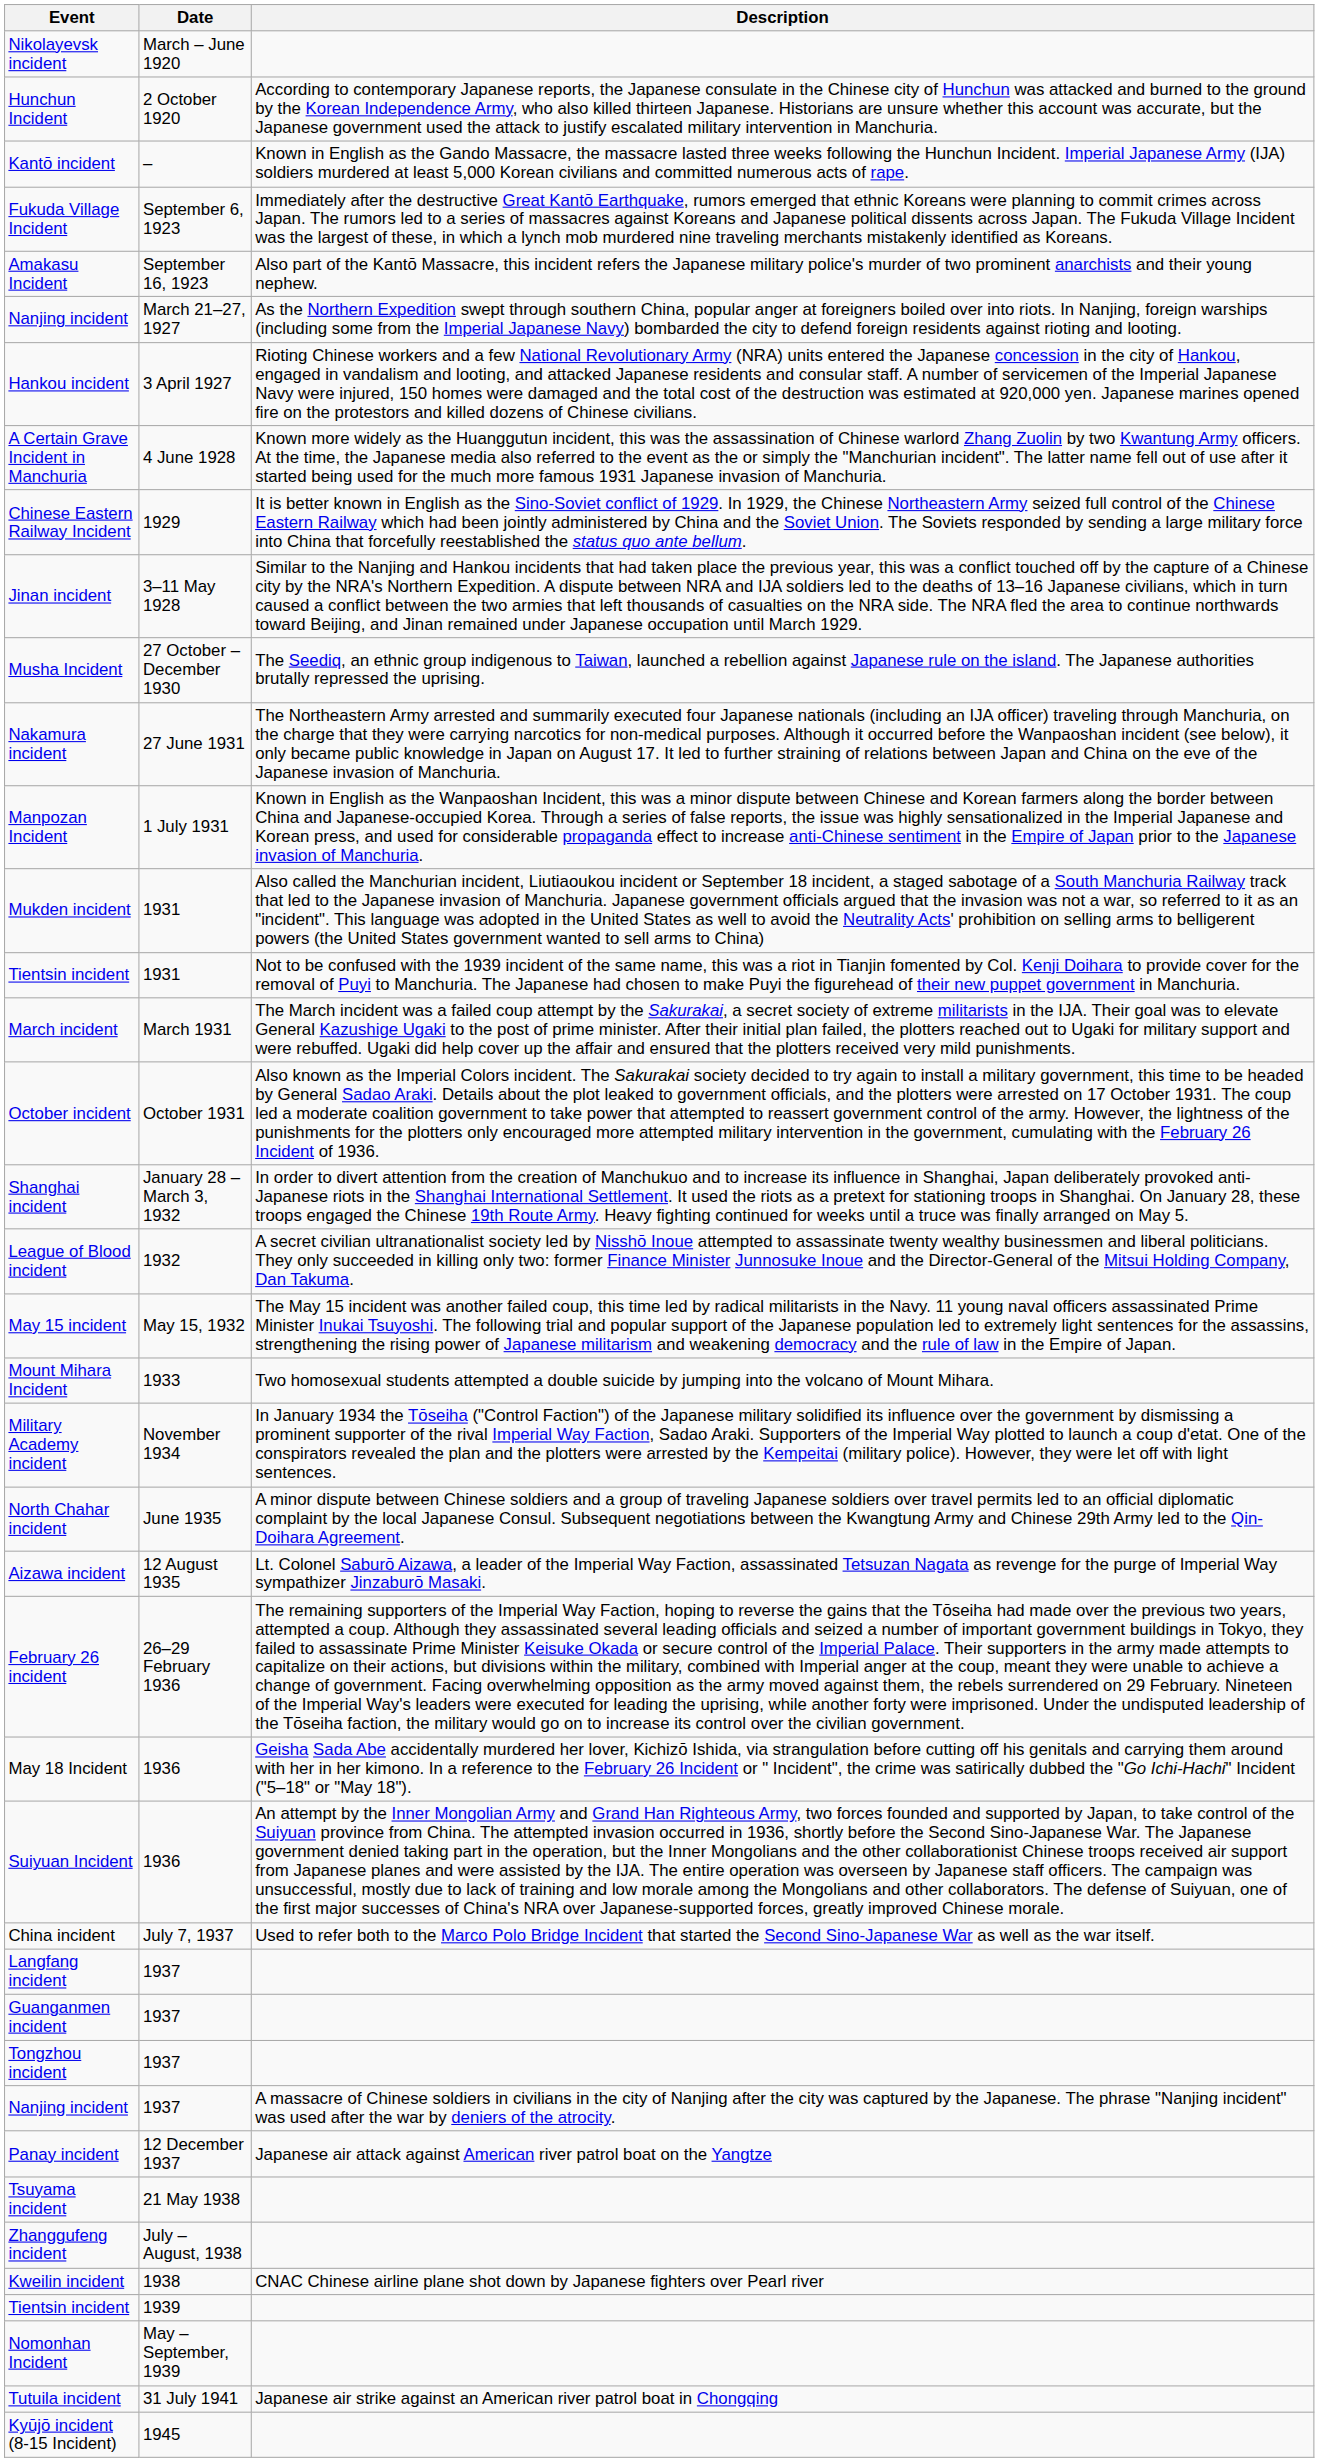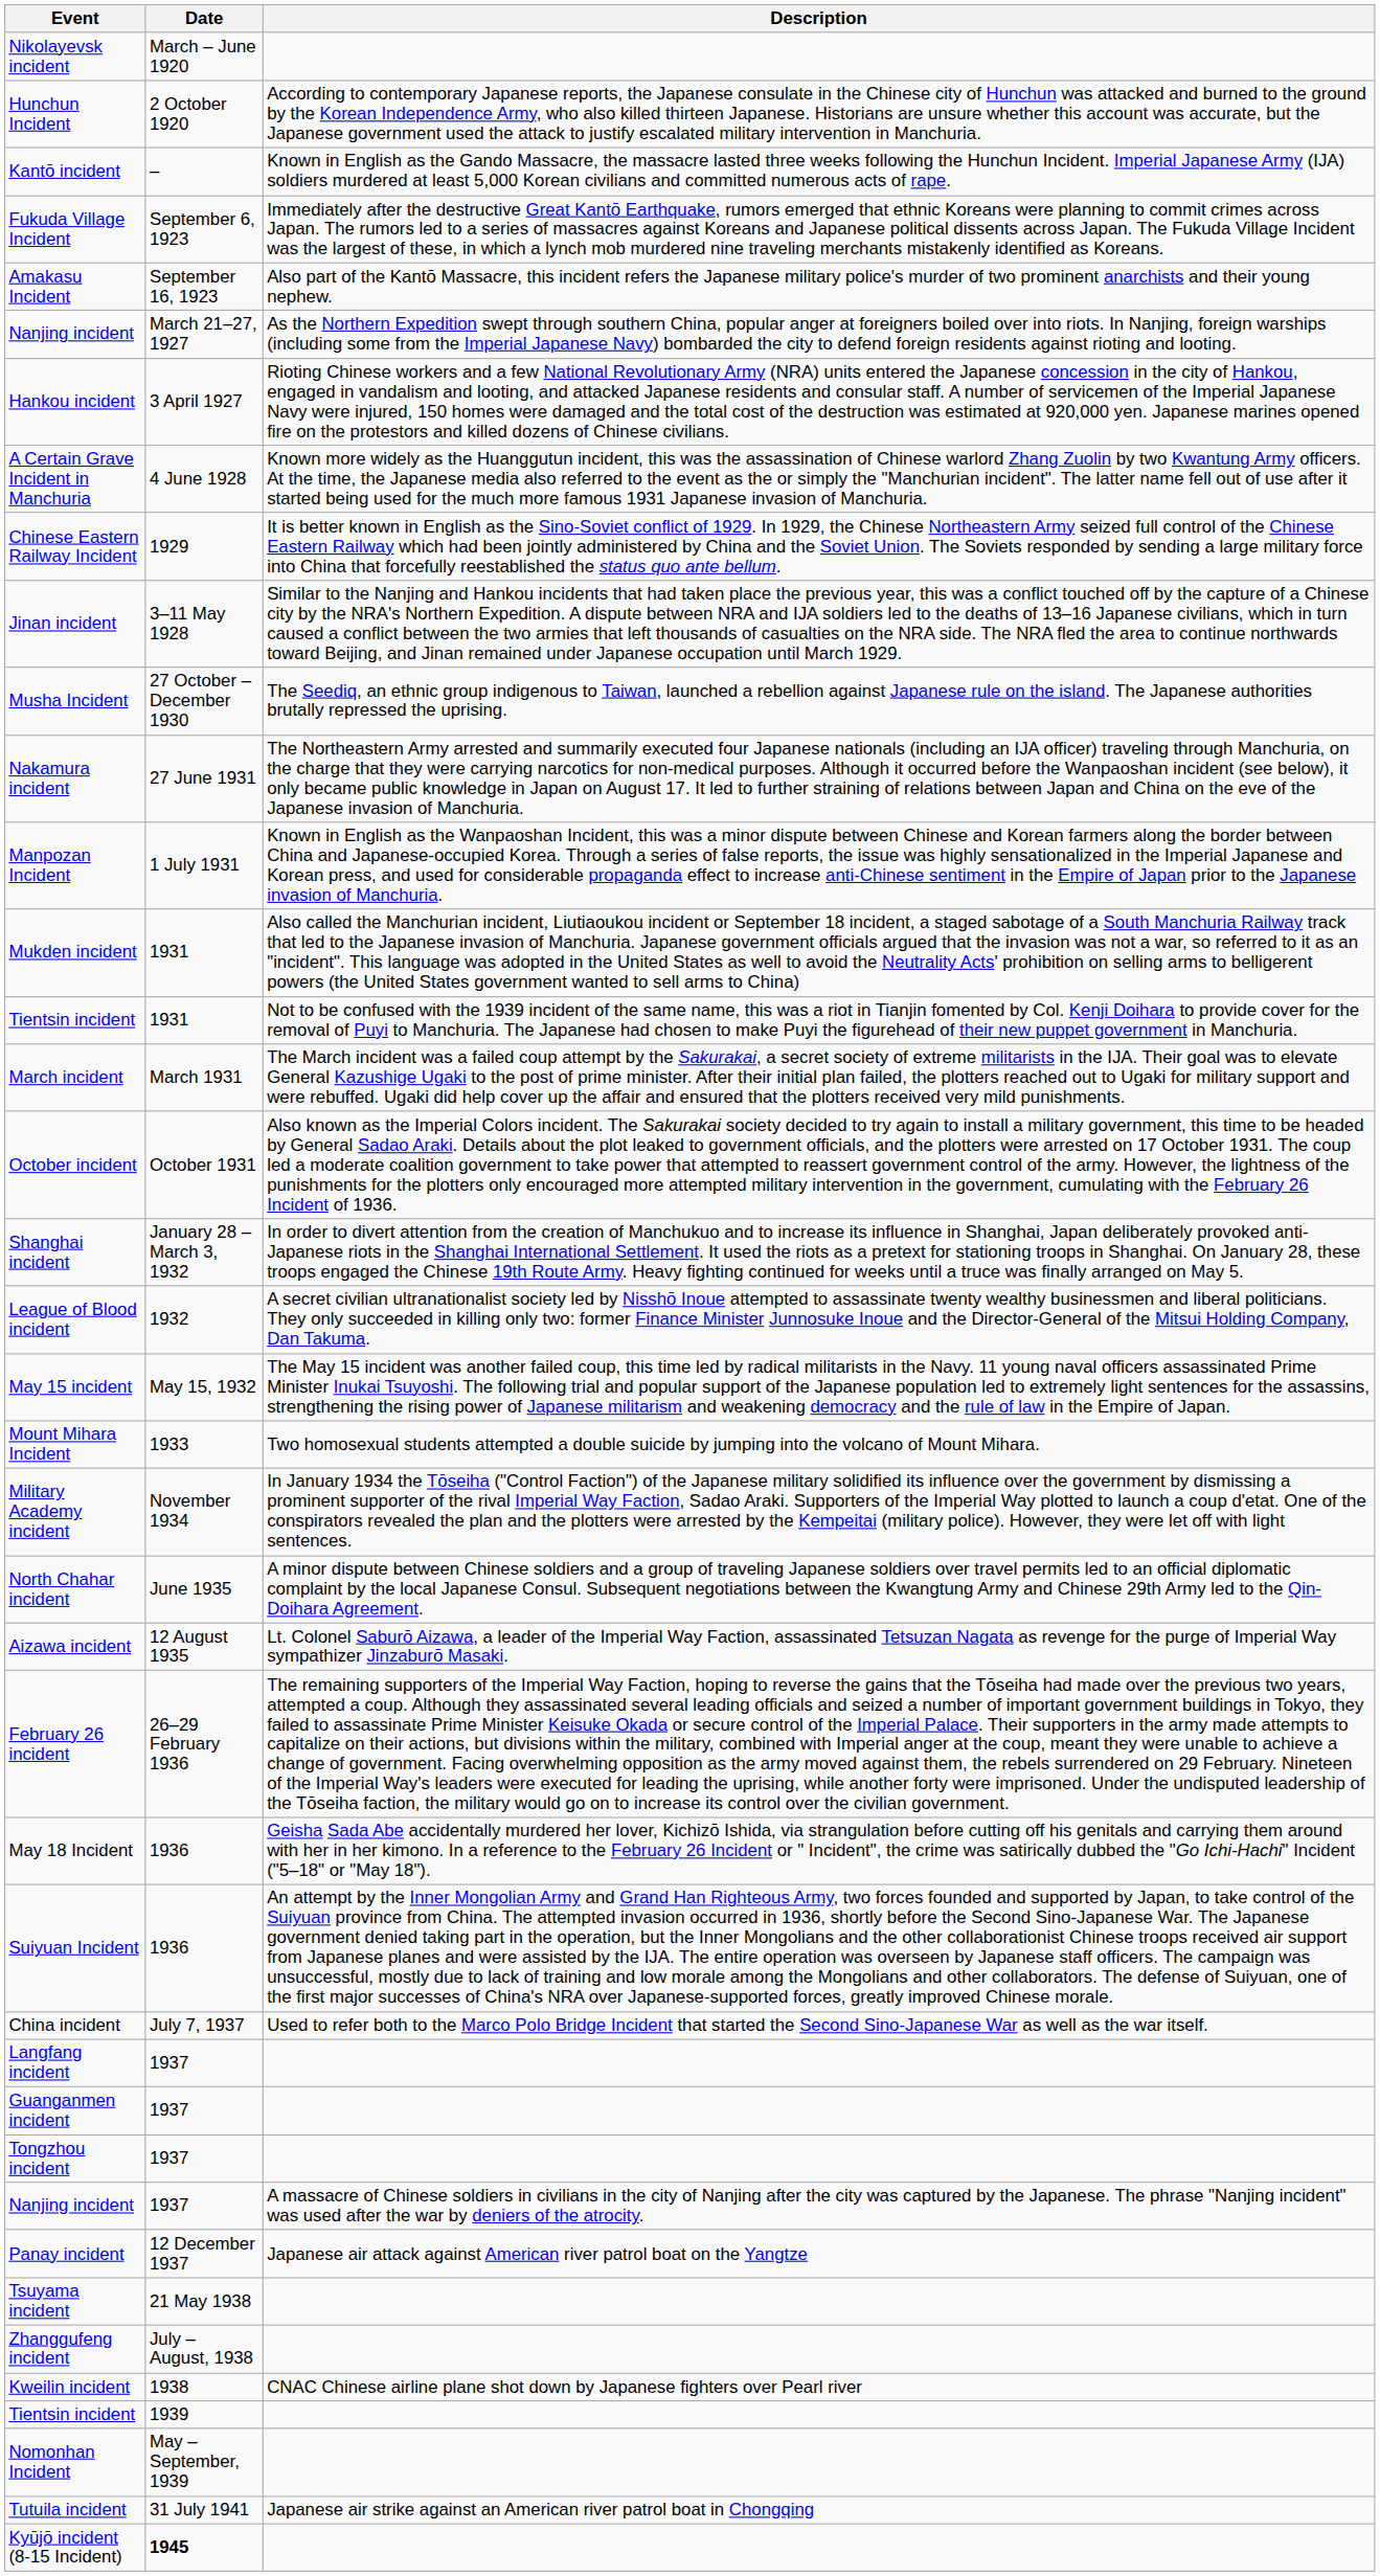 <table class="wikitable">
 <tr>
 <th>Event</th>
 <th>Date</th>
 <th>Description</th>
 </tr>
 <tr>
 <td><a href='#'>Nikolayevsk incident</a></td>
 <td>March – June 1920</td>
 <td></td>
 </tr>
 <tr>
 <td><a href='#'>Hunchun Incident</a></td>
 <td>2 October 1920</td>
 <td>According to contemporary Japanese reports, the Japanese consulate in the Chinese city of <a href='#'>Hunchun</a> was attacked and burned to the ground by the <a href='#'>Korean Independence Army</a>, who also killed thirteen Japanese. Historians are unsure whether this account was accurate, but the Japanese government used the attack to justify escalated military intervention in Manchuria.</td>
 </tr>
 <tr>
 <td><a href='#'>Kantō incident</a></td>
 <td> – </td>
 <td>Known in English as the Gando Massacre, the massacre lasted three weeks following the Hunchun Incident. <a href='#'>Imperial Japanese Army</a> (IJA) soldiers murdered at least 5,000 Korean civilians and committed numerous acts of <a href='#'>rape</a>.</td>
 </tr>
 <tr>
 <td><a href='#'>Fukuda Village Incident</a></td>
 <td>September 6, 1923</td>
 <td>Immediately after the destructive <a href='#'>Great Kantō Earthquake</a>, rumors emerged that ethnic Koreans were planning to commit crimes across Japan. The rumors led to a series of massacres against Koreans and Japanese political dissents across Japan. The Fukuda Village Incident was the largest of these, in which a lynch mob murdered nine traveling merchants mistakenly identified as Koreans.</td>
 </tr>
 <tr>
 <td><a href='#'>Amakasu Incident</a></td>
 <td>September 16, 1923</td>
 <td>Also part of the Kantō Massacre, this incident refers the Japanese military police's murder of two prominent <a href='#'>anarchists</a> and their young nephew.</td>
 </tr>
 <tr>
 <td><a href='#'>Nanjing incident</a></td>
 <td>March 21–27, 1927</td>
 <td>As the <a href='#'>Northern Expedition</a> swept through southern China, popular anger at foreigners boiled over into riots. In Nanjing, foreign warships (including some from the <a href='#'>Imperial Japanese Navy</a>) bombarded the city to defend foreign residents against rioting and looting.</td>
 </tr>
 <tr>
 <td><a href='#'>Hankou incident</a></td>
 <td>3 April 1927</td>
 <td>Rioting Chinese workers and a few <a href='#'>National Revolutionary Army</a> (NRA) units entered the Japanese <a href='#'>concession</a> in the city of <a href='#'>Hankou</a>, engaged in vandalism and looting, and attacked Japanese residents and consular staff. A number of servicemen of the Imperial Japanese Navy were injured, 150 homes were damaged and the total cost of the destruction was estimated at 920,000 yen. Japanese marines opened fire on the protestors and killed dozens of Chinese civilians.</td>
 </tr>
 <tr>
 <td><a href='#'>A Certain Grave Incident in Manchuria</a></td>
 <td>4 June 1928</td>
 <td>Known more widely as the Huanggutun incident, this was the assassination of Chinese warlord <a href='#'>Zhang Zuolin</a> by two <a href='#'>Kwantung Army</a> officers. At the time, the Japanese media also referred to the event as the  or simply the "Manchurian incident". The latter name fell out of use after it started being used for the much more famous 1931 Japanese invasion of Manchuria.</td>
 </tr>
 <tr>
 <td><a href='#'>Chinese Eastern Railway Incident</a></td>
 <td>1929</td>
 <td>It is better known in English as the <a href='#'>Sino-Soviet conflict of 1929</a>. In 1929, the Chinese <a href='#'>Northeastern Army</a> seized full control of the <a href='#'>Chinese Eastern Railway</a> which had been jointly administered by China and the <a href='#'>Soviet Union</a>. The Soviets responded by sending a large military force into China that forcefully reestablished the <em><a href='#'>status quo ante bellum</a></em>.</td>
 </tr>
 <tr>
 <td><a href='#'>Jinan incident</a></td>
 <td>3–11 May 1928</td>
 <td>Similar to the Nanjing and Hankou incidents that had taken place the previous year, this was a conflict touched off by the capture of a Chinese city by the NRA's Northern Expedition. A dispute between NRA and IJA soldiers led to the deaths of 13–16 Japanese civilians, which in turn caused a conflict between the two armies that left thousands of casualties on the NRA side. The NRA fled the area to continue northwards toward Beijing, and Jinan remained under Japanese occupation until March 1929.</td>
 </tr>
 <tr>
 <td><a href='#'>Musha Incident</a></td>
 <td>27 October – December 1930</td>
 <td>The <a href='#'>Seediq</a>, an ethnic group indigenous to <a href='#'>Taiwan</a>, launched a rebellion against <a href='#'>Japanese rule on the island</a>. The Japanese authorities brutally repressed the uprising.</td>
 </tr>
 <tr>
 <td><a href='#'>Nakamura incident</a></td>
 <td>27 June 1931</td>
 <td>The Northeastern Army arrested and summarily executed four Japanese nationals (including an IJA officer) traveling through Manchuria, on the charge that they were carrying narcotics for non-medical purposes. Although it occurred before the Wanpaoshan incident (see below), it only became public knowledge in Japan on August 17. It led to further straining of relations between Japan and China on the eve of the Japanese invasion of Manchuria.</td>
 </tr>
 <tr>
 <td><a href='#'>Manpozan Incident</a></td>
 <td>1 July 1931</td>
 <td>Known in English as the Wanpaoshan Incident, this was a minor dispute between Chinese and Korean farmers along the border between China and Japanese-occupied Korea. Through a series of false reports, the issue was highly sensationalized in the Imperial Japanese and Korean press, and used for considerable <a href='#'>propaganda</a> effect to increase <a href='#'>anti-Chinese sentiment</a> in the <a href='#'>Empire of Japan</a> prior to the <a href='#'>Japanese invasion of Manchuria</a>.</td>
 </tr>
 <tr>
 <td><a href='#'>Mukden incident</a></td>
 <td>1931</td>
 <td>Also called the Manchurian incident, Liutiaoukou incident or September 18 incident, a staged sabotage of a <a href='#'>South Manchuria Railway</a> track that led to the Japanese invasion of Manchuria. Japanese government officials argued that the invasion was not a war, so referred to it as an "incident". This language was adopted in the United States as well to avoid the <a href='#'>Neutrality Acts</a>' prohibition on selling arms to belligerent powers (the United States government wanted to sell arms to China)</td>
 </tr>
 <tr>
 <td><a href='#'>Tientsin incident</a></td>
 <td>1931</td>
 <td>Not to be confused with the 1939 incident of the same name, this was a riot in Tianjin fomented by Col. <a href='#'>Kenji Doihara</a> to provide cover for the removal of <a href='#'>Puyi</a> to Manchuria. The Japanese had chosen to make Puyi the figurehead of <a href='#'>their new puppet government</a> in Manchuria.</td>
 </tr>
 <tr>
 <td><a href='#'>March incident</a></td>
 <td>March 1931</td>
 <td>The March incident was a failed coup attempt by the <em><a href='#'>Sakurakai</a></em>, a secret society of extreme <a href='#'>militarists</a> in the IJA. Their goal was to elevate General <a href='#'>Kazushige Ugaki</a> to the post of prime minister. After their initial plan failed, the plotters reached out to Ugaki for military support and were rebuffed. Ugaki did help cover up the affair and ensured that the plotters received very mild punishments.</td>
 </tr>
 <tr>
 <td><a href='#'>October incident</a></td>
 <td>October 1931</td>
 <td>Also known as the Imperial Colors incident. The <em>Sakurakai</em> society decided to try again to install a military government, this time to be headed by General <a href='#'>Sadao Araki</a>. Details about the plot leaked to government officials, and the plotters were arrested on 17 October 1931. The coup led a moderate coalition government to take power that attempted to reassert government control of the army. However, the lightness of the punishments for the plotters only encouraged more attempted military intervention in the government, cumulating with the <a href='#'>February 26 Incident</a> of 1936.</td>
 </tr>
 <tr>
 <td><a href='#'>Shanghai incident</a></td>
 <td>January 28 – March 3, 1932</td>
 <td>In order to divert attention from the creation of Manchukuo and to increase its influence in Shanghai, Japan deliberately provoked anti-Japanese riots in the <a href='#'>Shanghai International Settlement</a>. It used the riots as a pretext for stationing troops in Shanghai. On January 28, these troops engaged the Chinese <a href='#'>19th Route Army</a>. Heavy fighting continued for weeks until a truce was finally arranged on May 5.</td>
 </tr>
 <tr>
 <td><a href='#'>League of Blood incident</a></td>
 <td>1932</td>
 <td>A secret civilian ultranationalist society led by <a href='#'>Nisshō Inoue</a> attempted to assassinate twenty wealthy businessmen and liberal politicians. They only succeeded in killing only two: former <a href='#'>Finance Minister</a> <a href='#'>Junnosuke Inoue</a> and the Director-General of the <a href='#'>Mitsui Holding Company</a>, <a href='#'>Dan Takuma</a>.</td>
 </tr>
 <tr>
 <td><a href='#'>May 15 incident</a></td>
 <td>May 15, 1932</td>
 <td>The May 15 incident was another failed coup, this time led by radical militarists in the Navy. 11 young naval officers assassinated Prime Minister <a href='#'>Inukai Tsuyoshi</a>. The following trial and popular support of the Japanese population led to extremely light sentences for the assassins, strengthening the rising power of <a href='#'>Japanese militarism</a> and weakening <a href='#'>democracy</a> and the <a href='#'>rule of law</a> in the Empire of Japan.</td>
 </tr>
 <tr>
 <td><a href='#'>Mount Mihara Incident</a></td>
 <td>1933</td>
 <td>Two homosexual students attempted a double suicide by jumping into the volcano of Mount Mihara.</td>
 </tr>
 <tr>
 <td><a href='#'>Military Academy incident</a></td>
 <td>November 1934</td>
 <td>In January 1934 the <a href='#'>Tōseiha</a> ("Control Faction") of the Japanese military solidified its influence over the government by dismissing a prominent supporter of the rival <a href='#'>Imperial Way Faction</a>, Sadao Araki. Supporters of the Imperial Way plotted to launch a coup d'etat. One of the conspirators revealed the plan and the plotters were arrested by the <a href='#'>Kempeitai</a> (military police). However, they were let off with light sentences.</td>
 </tr>
 <tr>
 <td><a href='#'>North Chahar incident</a></td>
 <td>June 1935</td>
 <td>A minor dispute between Chinese soldiers and a group of traveling Japanese soldiers over travel permits led to an official diplomatic complaint by the local Japanese Consul. Subsequent negotiations between the Kwangtung Army and Chinese 29th Army led to the <a href='#'>Qin-Doihara Agreement</a>.</td>
 </tr>
 <tr>
 <td><a href='#'>Aizawa incident</a></td>
 <td>12 August 1935</td>
 <td>Lt. Colonel <a href='#'>Saburō Aizawa</a>, a leader of the Imperial Way Faction, assassinated <a href='#'>Tetsuzan Nagata</a> as revenge for the purge of Imperial Way sympathizer <a href='#'>Jinzaburō Masaki</a>.</td>
 </tr>
 <tr>
 <td><a href='#'>February 26 incident</a></td>
 <td>26–29 February 1936</td>
 <td>The remaining supporters of the Imperial Way Faction, hoping to reverse the gains that the Tōseiha had made over the previous two years, attempted a coup. Although they assassinated several leading officials and seized a number of important government buildings in Tokyo, they failed to assassinate Prime Minister <a href='#'>Keisuke Okada</a> or secure control of the <a href='#'>Imperial Palace</a>. Their supporters in the army made attempts to capitalize on their actions, but divisions within the military, combined with Imperial anger at the coup, meant they were unable to achieve a change of government. Facing overwhelming opposition as the army moved against them, the rebels surrendered on 29 February. Nineteen of the Imperial Way's leaders were executed for leading the uprising, while another forty were imprisoned. Under the undisputed leadership of the Tōseiha faction, the military would go on to increase its control over the civilian government.</td>
 </tr>
 <tr>
 <td>May 18 Incident</td>
 <td>1936</td>
 <td><a href='#'>Geisha</a> <a href='#'>Sada Abe</a> accidentally murdered her lover, Kichizō Ishida, via strangulation before cutting off his genitals and carrying them around with her in her kimono. In a reference to the <a href='#'>February 26 Incident</a> or " Incident", the crime was satirically dubbed the "<em>Go Ichi-Hachi</em>" Incident ("5–18" or "May 18").</td>
 </tr>
 <tr>
 <td><a href='#'>Suiyuan Incident</a></td>
 <td>1936</td>
 <td>An attempt by the <a href='#'>Inner Mongolian Army</a> and <a href='#'>Grand Han Righteous Army</a>, two forces founded and supported by Japan, to take control of the <a href='#'>Suiyuan</a> province from China. The attempted invasion occurred in 1936, shortly before the Second Sino-Japanese War. The Japanese government denied taking part in the operation, but the Inner Mongolians and the other collaborationist Chinese troops received air support from Japanese planes and were assisted by the IJA. The entire operation was overseen by Japanese staff officers. The campaign was unsuccessful, mostly due to lack of training and low morale among the Mongolians and other collaborators. The defense of Suiyuan, one of the first major successes of China's NRA over Japanese-supported forces, greatly improved Chinese morale.</td>
 </tr>
 <tr>
 <td>China incident</td>
 <td>July 7, 1937</td>
 <td>Used to refer both to the <a href='#'>Marco Polo Bridge Incident</a> that started the <a href='#'>Second Sino-Japanese War</a> as well as the war itself.</td>
 </tr>
 <tr>
 <td><a href='#'>Langfang incident</a></td>
 <td>1937</td>
 <td></td>
 </tr>
 <tr>
 <td><a href='#'>Guanganmen incident</a></td>
 <td>1937</td>
 <td></td>
 </tr>
 <tr>
 <td><a href='#'>Tongzhou incident</a></td>
 <td>1937</td>
 <td></td>
 </tr>
 <tr>
 <td><a href='#'>Nanjing incident</a></td>
 <td>1937</td>
 <td>A massacre of Chinese soldiers in civilians in the city of Nanjing after the city was captured by the Japanese. The phrase "Nanjing incident" was used after the war by <a href='#'>deniers of the atrocity</a>.</td>
 </tr>
 <tr>
 <td><a href='#'>Panay incident</a></td>
 <td>12 December 1937</td>
 <td>Japanese air attack against <a href='#'>American</a> river patrol boat on the <a href='#'>Yangtze</a></td>
 </tr>
 <tr>
 <td><a href='#'>Tsuyama incident</a></td>
 <td>21 May 1938</td>
 <td></td>
 </tr>
 <tr>
 <td><a href='#'>Zhanggufeng incident</a></td>
 <td>July – August, 1938</td>
 <td></td>
 </tr>
 <tr>
 <td><a href='#'>Kweilin incident</a></td>
 <td>1938</td>
 <td>CNAC Chinese airline plane shot down by Japanese fighters over Pearl river</td>
 </tr>
 <tr>
 <td><a href='#'>Tientsin incident</a></td>
 <td>1939</td>
 <td></td>
 </tr>
 <tr>
 <td><a href='#'>Nomonhan Incident</a></td>
 <td>May – September, 1939</td>
 <td></td>
 </tr>
 <tr>
 <td><a href='#'>Tutuila incident</a></td>
 <td>31 July 1941</td>
 <td>Japanese air strike against an American river patrol boat in <a href='#'>Chongqing</a></td>
 </tr>
 <tr>
 <td><a href='#'>Kyūjō incident</a> (8-15 Incident)</td>
-<td>1945</td>
+<td><strong>1945</strong></td>
 <td></td>
 </tr>
 </table>
